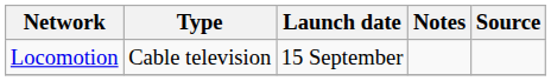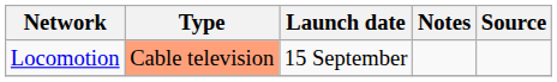 <table class="wikitable sortable">
 <tr>
 <th>Network</th>
 <th>Type</th>
 <th>Launch date</th>
 <th>Notes</th>
 <th>Source</th>
 </tr>
 <tr>
 <td><a href='#'>Locomotion</a></td>
-<td>Cable television</td>
+<td style="background: lightsalmon;">Cable television</td>
 <td>15 September</td>
 <td></td>
 <td></td>
 </tr>
 <tr>
 </tr>
 </table>
